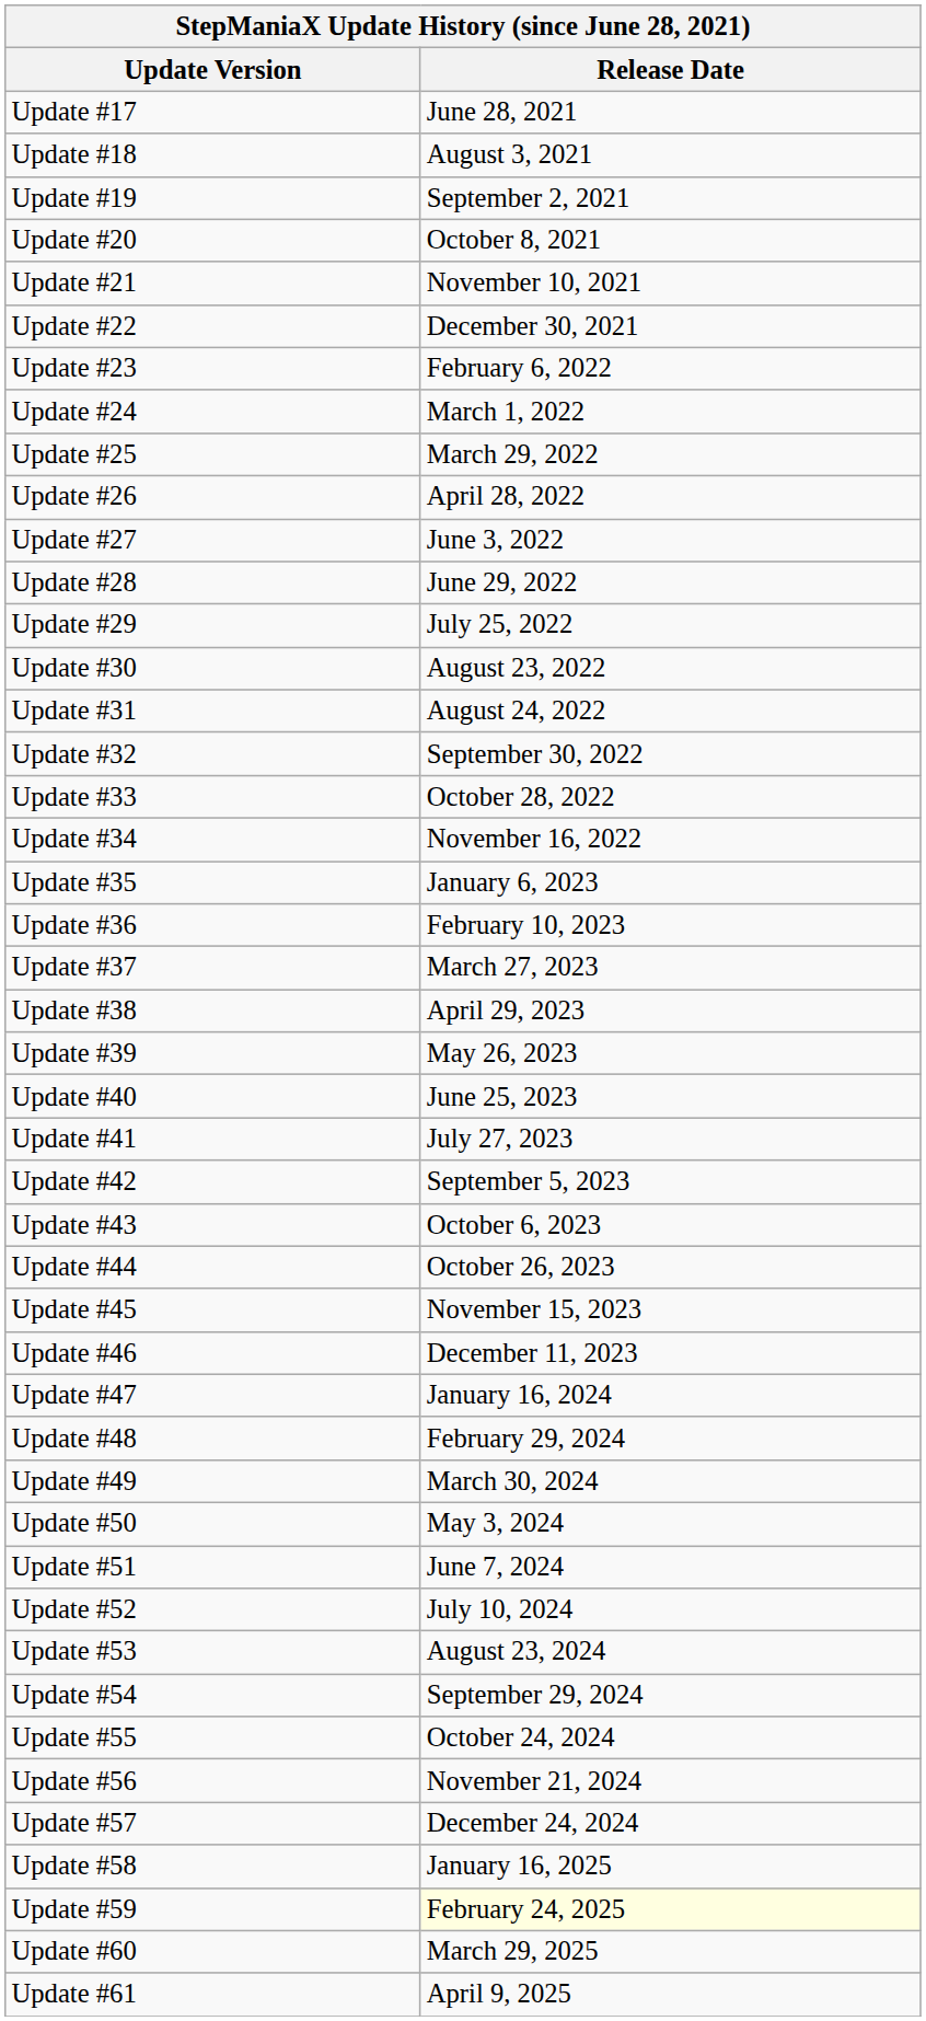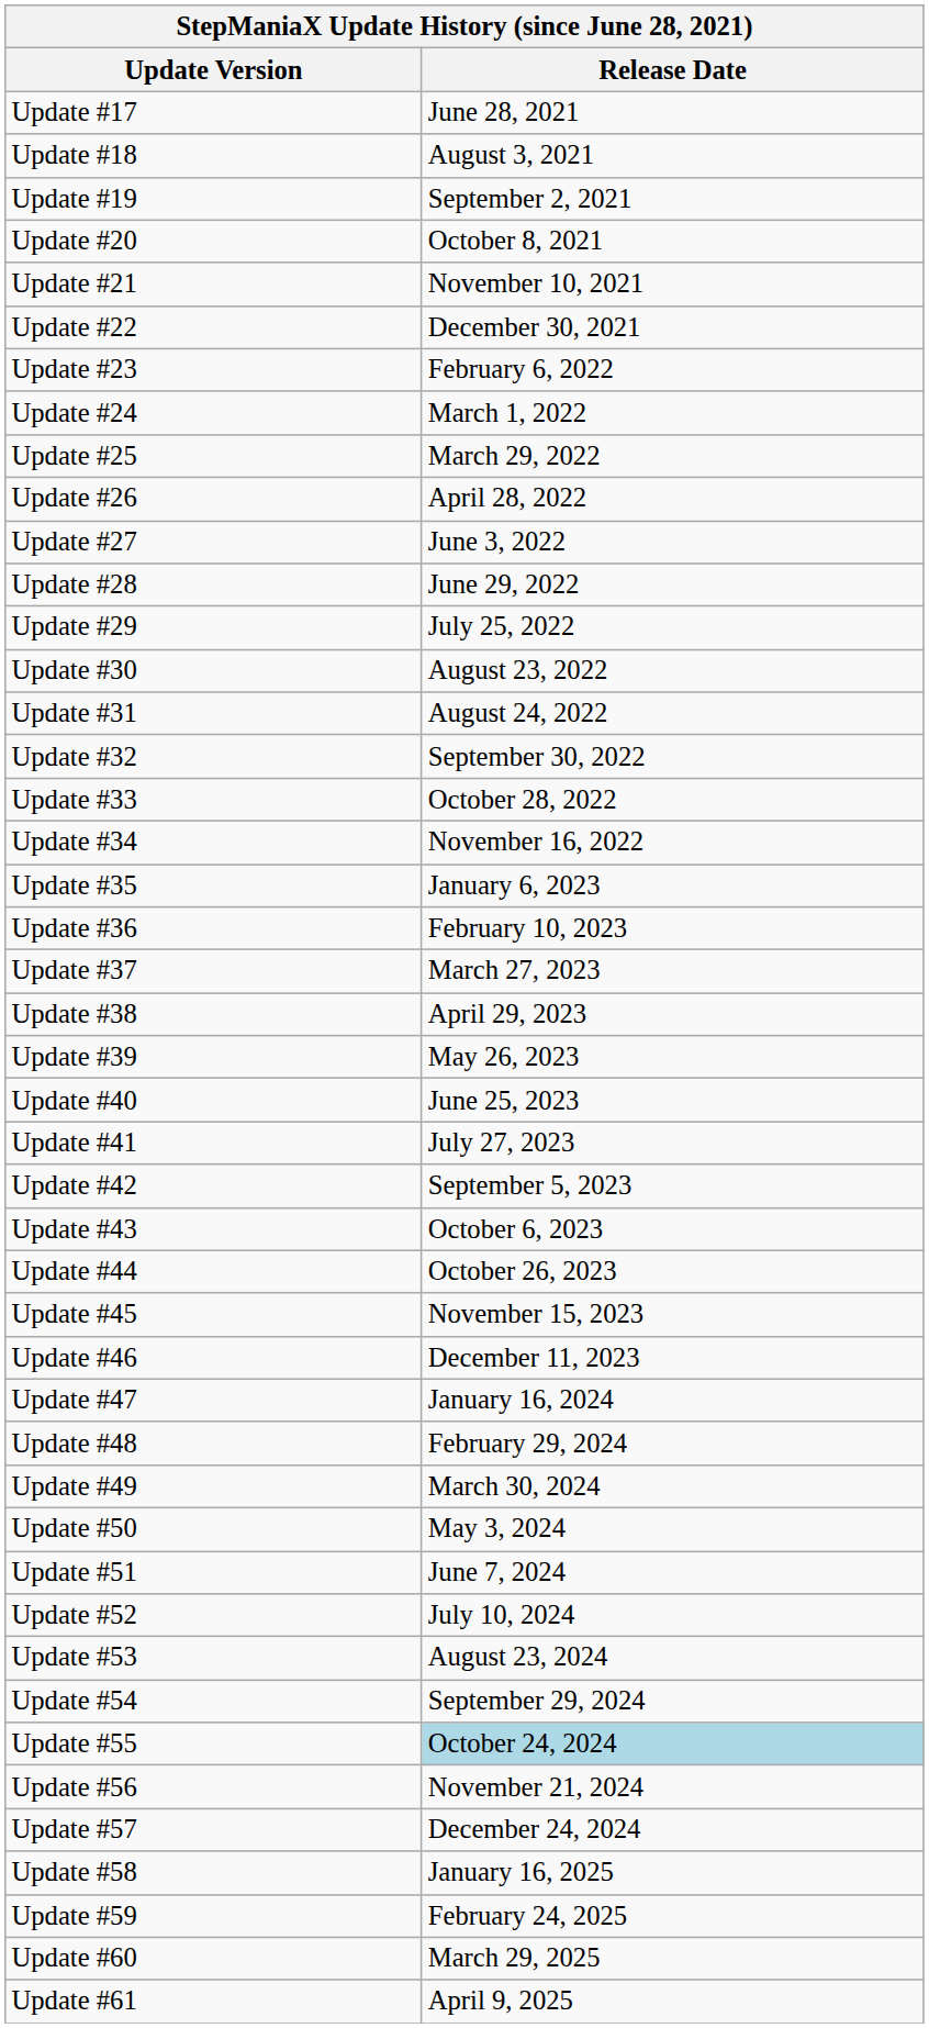 <table role="presentation" class="wikitable mw-collapsible mw-collapsed" style="min-width:34em;">
 <tr>
 <th colspan="2">StepManiaX Update History (since June 28, 2021)</th>
 </tr>
 <tr>
 <th>Update Version</th>
 <th>Release Date</th>
 </tr>
 <tr>
 <td>Update #17</td>
 <td>June 28, 2021</td>
 </tr>
 <tr>
 <td>Update #18</td>
 <td>August 3, 2021</td>
 </tr>
 <tr>
 <td>Update #19</td>
 <td>September 2, 2021</td>
 </tr>
 <tr>
 <td>Update #20</td>
 <td>October 8, 2021</td>
 </tr>
 <tr>
 <td>Update #21</td>
 <td>November 10, 2021</td>
 </tr>
 <tr>
 <td>Update #22</td>
 <td>December 30, 2021</td>
 </tr>
 <tr>
 <td>Update #23</td>
 <td>February 6, 2022</td>
 </tr>
 <tr>
 <td>Update #24</td>
 <td>March 1, 2022</td>
 </tr>
 <tr>
 <td>Update #25</td>
 <td>March 29, 2022</td>
 </tr>
 <tr>
 <td>Update #26</td>
 <td>April 28, 2022</td>
 </tr>
 <tr>
 <td>Update #27</td>
 <td>June 3, 2022</td>
 </tr>
 <tr>
 <td>Update #28</td>
 <td>June 29, 2022</td>
 </tr>
 <tr>
 <td>Update #29</td>
 <td>July 25, 2022</td>
 </tr>
 <tr>
 <td>Update #30</td>
 <td>August 23, 2022</td>
 </tr>
 <tr>
 <td>Update #31</td>
 <td>August 24, 2022</td>
 </tr>
 <tr>
 <td>Update #32</td>
 <td>September 30, 2022</td>
 </tr>
 <tr>
 <td>Update #33</td>
 <td>October 28, 2022</td>
 </tr>
 <tr>
 <td>Update #34</td>
 <td>November 16, 2022</td>
 </tr>
 <tr>
 <td>Update #35</td>
 <td>January 6, 2023</td>
 </tr>
 <tr>
 <td>Update #36</td>
 <td>February 10, 2023</td>
 </tr>
 <tr>
 <td>Update #37</td>
 <td>March 27, 2023</td>
 </tr>
 <tr>
 <td>Update #38</td>
 <td>April 29, 2023</td>
 </tr>
 <tr>
 <td>Update #39</td>
 <td>May 26, 2023</td>
 </tr>
 <tr>
 <td>Update #40</td>
 <td>June 25, 2023</td>
 </tr>
 <tr>
 <td>Update #41</td>
 <td>July 27, 2023</td>
 </tr>
 <tr>
 <td>Update #42</td>
 <td>September 5, 2023</td>
 </tr>
 <tr>
 <td>Update #43</td>
 <td>October 6, 2023</td>
 </tr>
 <tr>
 <td>Update #44</td>
 <td>October 26, 2023</td>
 </tr>
 <tr>
 <td>Update #45</td>
 <td>November 15, 2023</td>
 </tr>
 <tr>
 <td>Update #46</td>
 <td>December 11, 2023</td>
 </tr>
 <tr>
 <td>Update #47</td>
 <td>January 16, 2024</td>
 </tr>
 <tr>
 <td>Update #48</td>
 <td>February 29, 2024</td>
 </tr>
 <tr>
 <td>Update #49</td>
 <td>March 30, 2024</td>
 </tr>
 <tr>
 <td>Update #50</td>
 <td>May 3, 2024</td>
 </tr>
 <tr>
 <td>Update #51</td>
 <td>June 7, 2024</td>
 </tr>
 <tr>
 <td>Update #52</td>
 <td>July 10, 2024</td>
 </tr>
 <tr>
 <td>Update #53</td>
 <td>August 23, 2024</td>
 </tr>
 <tr>
 <td>Update #54</td>
 <td>September 29, 2024</td>
 </tr>
 <tr>
 <td>Update #55</td>
-<td>October 24, 2024</td>
+<td style="background: lightblue;">October 24, 2024</td>
 </tr>
 <tr>
 <td>Update #56</td>
 <td>November 21, 2024</td>
 </tr>
 <tr>
 <td>Update #57</td>
 <td>December 24, 2024</td>
 </tr>
 <tr>
 <td>Update #58</td>
 <td>January 16, 2025</td>
 </tr>
 <tr>
 <td>Update #59</td>
-<td style="background: lightyellow;">February 24, 2025</td>
+<td>February 24, 2025</td>
 </tr>
 <tr>
 <td>Update #60</td>
 <td>March 29, 2025</td>
 </tr>
 <tr>
 <td>Update #61</td>
 <td>April 9, 2025</td>
 </tr>
 </table>
